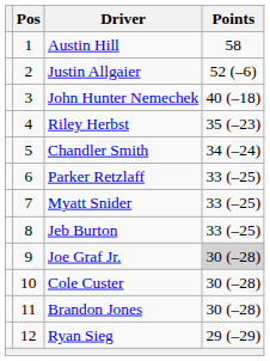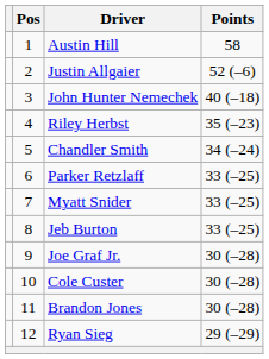 <table class="wikitable" style="font-size: 95%;">
 <tr>
 <th></th>
 <th>Pos</th>
 <th>Driver</th>
 <th>Points</th>
 </tr>
 <tr>
 <td align="left"></td>
 <td style="text-align:center;">1</td>
 <td><a href='#'>Austin Hill</a></td>
 <td style="text-align:center;">58</td>
 </tr>
 <tr>
 <td align="left"></td>
 <td style="text-align:center;">2</td>
 <td><a href='#'>Justin Allgaier</a></td>
 <td style="text-align:center;">52 (–6)</td>
 </tr>
 <tr>
 <td align="left"></td>
 <td style="text-align:center;">3</td>
 <td><a href='#'>John Hunter Nemechek</a></td>
 <td style="text-align:center;">40 (–18)</td>
 </tr>
 <tr>
 <td align="left"></td>
 <td style="text-align:center;">4</td>
 <td><a href='#'>Riley Herbst</a></td>
 <td style="text-align:center;">35 (–23)</td>
 </tr>
 <tr>
 <td align="left"></td>
 <td style="text-align:center;">5</td>
 <td><a href='#'>Chandler Smith</a></td>
 <td style="text-align:center;">34 (–24)</td>
 </tr>
 <tr>
 <td align="left"></td>
 <td style="text-align:center;">6</td>
 <td><a href='#'>Parker Retzlaff</a></td>
 <td style="text-align:center;">33 (–25)</td>
 </tr>
 <tr>
 <td align="left"></td>
 <td style="text-align:center;">7</td>
 <td><a href='#'>Myatt Snider</a></td>
 <td style="text-align:center;">33 (–25)</td>
 </tr>
 <tr>
 <td align="left"></td>
 <td style="text-align:center;">8</td>
 <td><a href='#'>Jeb Burton</a></td>
 <td style="text-align:center;">33 (–25)</td>
 </tr>
 <tr>
 <td align="left"></td>
 <td style="text-align:center;">9</td>
 <td><a href='#'>Joe Graf Jr.</a></td>
-<td style="background: lightgrey; text-align:center;">30 (–28)</td>
+<td style="text-align:center;">30 (–28)</td>
 </tr>
 <tr>
 <td align="left"></td>
 <td style="text-align:center;">10</td>
 <td><a href='#'>Cole Custer</a></td>
 <td style="text-align:center;">30 (–28)</td>
 </tr>
 <tr>
 <td align="left"></td>
 <td style="text-align:center;">11</td>
 <td><a href='#'>Brandon Jones</a></td>
 <td style="text-align:center;">30 (–28)</td>
 </tr>
 <tr>
 <td align="left"></td>
 <td style="text-align:center;">12</td>
 <td><a href='#'>Ryan Sieg</a></td>
 <td style="text-align:center;">29 (–29)</td>
 </tr>
 <tr class="sortbottom">
 <th colspan="9"></th>
 </tr>
 </table>
